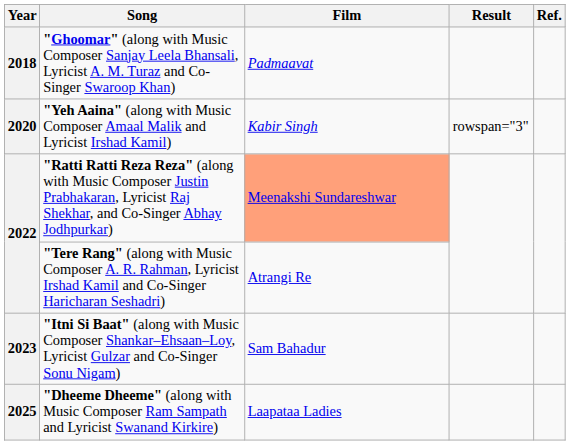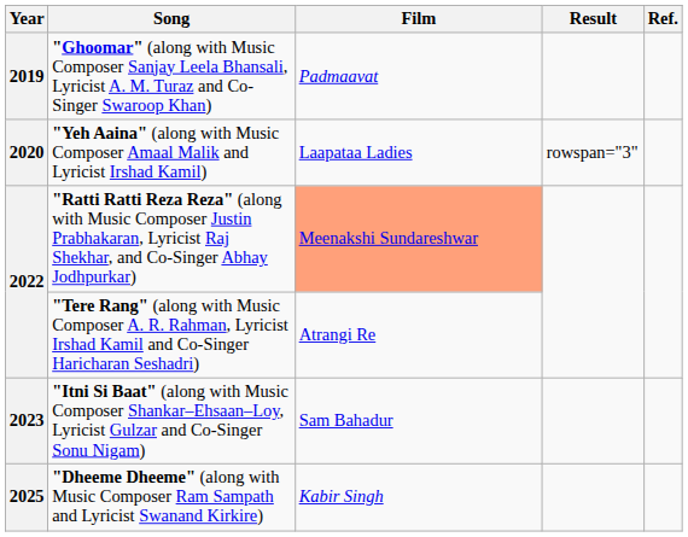 <table class="wikitable plainrowheaders" width="100%" textcolor:#000;">
 <tr>
 <th scope="col" width=5%><strong>Year</strong></th>
 <th scope="col" width=39%><strong>Song</strong></th>
 <th scope="col" width=39%><strong>Film</strong></th>
 <th scope="col" width=15%><strong>Result</strong></th>
 <th scope="col" width=2%><strong>Ref.</strong></th>
 </tr>
 <tr>
-<th scope=row>2018</th>
+<th scope=row>2019</th>
 <td><strong>"<a href='#'>Ghoomar</a>"</strong> (along with Music Composer <a href='#'>Sanjay Leela Bhansali</a>, Lyricist <a href='#'>A. M. Turaz</a> and Co-Singer <a href='#'>Swaroop Khan</a>)</td>
 <td><em><a href='#'>Padmaavat</a></em></td>
 <td></td>
 <td></td>
 </tr>
 <tr>
 <th scope=row>2020</th>
 <td><strong>"Yeh Aaina"</strong> (along with Music Composer <a href='#'>Amaal Malik</a> and Lyricist <a href='#'>Irshad Kamil</a>)</td>
-<td><em><a href='#'>Kabir Singh</a></em></td>
+<td><a href='#'>Laapataa Ladies</a></td>
 <td>rowspan="3"</td>
 <td></td>
 </tr>
 <tr>
 <th scope="row" rowspan="2">2022</th>
 <td><strong>"Ratti Ratti Reza Reza"</strong> (along with Music Composer <a href='#'>Justin Prabhakaran</a>, Lyricist <a href='#'>Raj Shekhar</a>, and Co-Singer <a href='#'>Abhay Jodhpurkar</a>)</td>
 <td style="background: lightsalmon;"><a href='#'>Meenakshi Sundareshwar</a></td>
 <td rowspan="2"></td>
 </tr>
 <tr>
 <td><strong>"Tere Rang"</strong> (along with Music Composer <a href='#'>A. R. Rahman</a>, Lyricist <a href='#'>Irshad Kamil</a> and Co-Singer <a href='#'>Haricharan Seshadri</a>)</td>
 <td><a href='#'>Atrangi Re</a></td>
 </tr>
 <tr>
 <th scope="row">2023</th>
 <td><strong>"Itni Si Baat"</strong> (along with Music Composer <a href='#'>Shankar–Ehsaan–Loy</a>, Lyricist <a href='#'>Gulzar</a> and Co-Singer <a href='#'>Sonu Nigam</a>)</td>
 <td><a href='#'>Sam Bahadur</a></td>
 <td></td>
 <td></td>
 </tr>
 <tr>
 <th scope="row">2025</th>
 <td><strong>"Dheeme Dheeme"</strong> (along with Music Composer <a href='#'>Ram Sampath</a> and Lyricist <a href='#'>Swanand Kirkire</a>)</td>
-<td><a href='#'>Laapataa Ladies</a></td>
+<td><em><a href='#'>Kabir Singh</a></em></td>
 <td></td>
 <td></td>
 </tr>
 </table>
